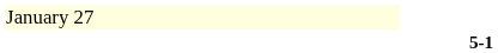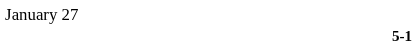 <table style="width:100%;" cellspacing="1">
 <tr>
 <th width=25%></th>
 <th width=2%></th>
 <th width=6%></th>
 <th width=2%></th>
 <th width=25%></th>
 </tr>
 <tr>
-<td style="background: lightyellow;">January 27</td>
+<td>January 27</td>
 </tr>
 <tr style=font-size:90%>
 <td align=right><strong></strong></td>
 <td></td>
 <td align=center><strong>5-1</strong></td>
 <td></td>
 <td><strong></strong></td>
 <td></td>
 </tr>
 </table>
